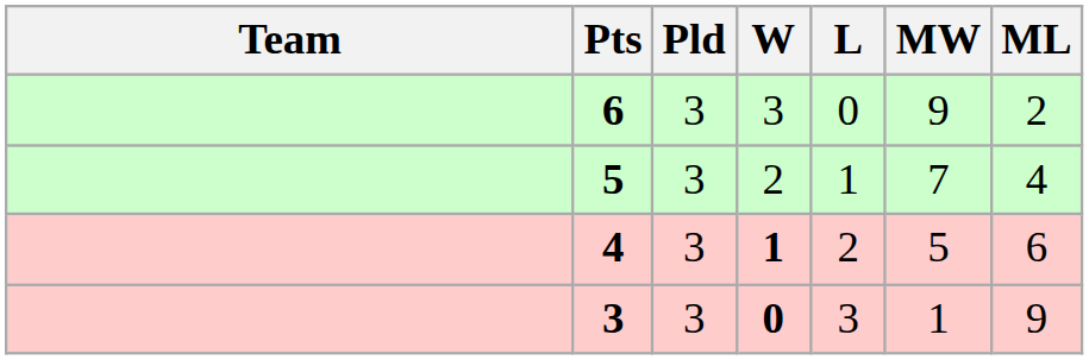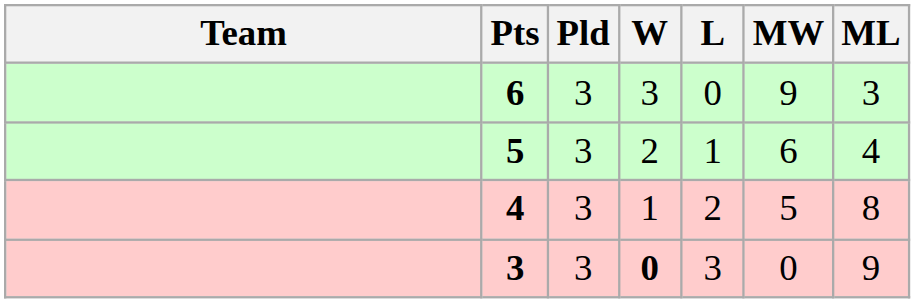 <table class="wikitable" style="text-align:center">
 <tr>
 <th width=200>Team</th>
 <th width=20>Pts</th>
 <th width=20>Pld</th>
 <th width=20>W</th>
 <th width=20>L</th>
 <th width=20>MW</th>
 <th width=20>ML</th>
 </tr>
 <tr bgcolor="#ccffcc">
 <td style="text-align:left;"></td>
 <td><strong>6</strong></td>
 <td>3</td>
 <td>3</td>
 <td>0</td>
 <td>9</td>
-<td>2</td>
+<td>3</td>
 </tr>
 <tr bgcolor="#ccffcc">
 <td style="text-align:left;"></td>
 <td><strong>5</strong></td>
 <td>3</td>
 <td>2</td>
 <td>1</td>
-<td>7</td>
+<td>6</td>
 <td>4</td>
 </tr>
 <tr bgcolor="#ffcccc">
 <td style="text-align:left;"></td>
 <td><strong>4</strong></td>
 <td>3</td>
-<td><strong>1</strong></td>
+<td>1</td>
 <td>2</td>
 <td>5</td>
-<td>6</td>
+<td>8</td>
 </tr>
 <tr bgcolor="#ffcccc">
 <td style="text-align:left;"></td>
 <td><strong>3</strong></td>
 <td>3</td>
 <td><strong>0</strong></td>
 <td>3</td>
-<td>1</td>
+<td>0</td>
 <td>9</td>
 </tr>
 </table>
